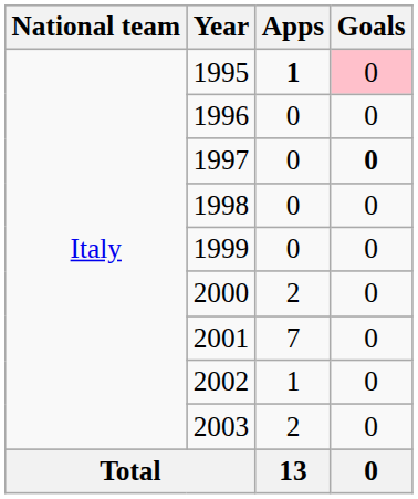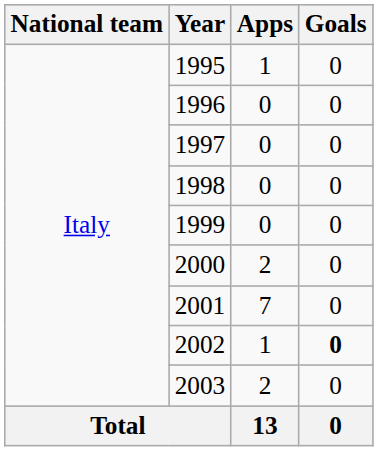 <table class="wikitable" style="text-align:center">
 <tr>
 <th>National team</th>
 <th>Year</th>
 <th>Apps</th>
 <th>Goals</th>
 </tr>
 <tr>
 <td rowspan="9"><a href='#'>Italy</a></td>
 <td>1995</td>
-<td><strong>1</strong></td>
-<td style="background: pink;">0</td>
+<td>1</td>
+<td>0</td>
 </tr>
 <tr>
 <td>1996</td>
 <td>0</td>
 <td>0</td>
 </tr>
 <tr>
 <td>1997</td>
 <td>0</td>
-<td><strong>0</strong></td>
+<td>0</td>
 </tr>
 <tr>
 <td>1998</td>
 <td>0</td>
 <td>0</td>
 </tr>
 <tr>
 <td>1999</td>
 <td>0</td>
 <td>0</td>
 </tr>
 <tr>
 <td>2000</td>
 <td>2</td>
 <td>0</td>
 </tr>
 <tr>
 <td>2001</td>
 <td>7</td>
 <td>0</td>
 </tr>
 <tr>
 <td>2002</td>
 <td>1</td>
-<td>0</td>
+<td><strong>0</strong></td>
 </tr>
 <tr>
 <td>2003</td>
 <td>2</td>
 <td>0</td>
 </tr>
 <tr>
 <th colspan="2">Total</th>
 <th>13</th>
 <th>0</th>
 </tr>
 </table>
